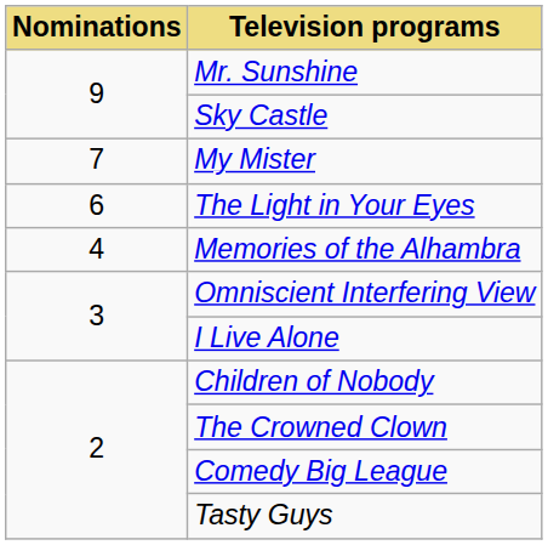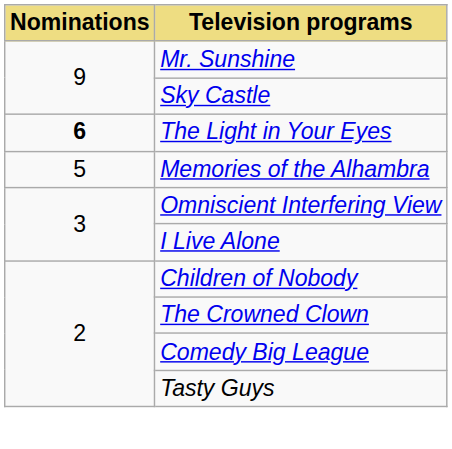 <table class="wikitable">
 <tr>
 <th style="background:#EEDD82; text-align:center">Nominations</th>
 <th style="background:#EEDD82; text-align:center">Television programs</th>
 </tr>
 <tr>
 <td rowspan="2" style="text-align:center">9</td>
 <td><em><a href='#'>Mr. Sunshine</a></em></td>
 </tr>
 <tr>
 <td><em><a href='#'>Sky Castle</a></em></td>
 </tr>
 <tr>
-<td style="text-align:center">7</td>
-<td><em><a href='#'>My Mister</a></em></td>
-</tr>
-<tr>
-<td style="text-align:center">6</td>
+<td style="text-align:center"><strong>6</strong></td>
 <td><em><a href='#'>The Light in Your Eyes</a></em></td>
 </tr>
 <tr>
-<td style="text-align:center">4</td>
+<td style="text-align:center">5</td>
 <td><em><a href='#'>Memories of the Alhambra</a></em></td>
 </tr>
 <tr>
 <td rowspan="2" style="text-align:center">3</td>
 <td><em><a href='#'>Omniscient Interfering View</a></em></td>
 </tr>
 <tr>
 <td><em><a href='#'>I Live Alone</a></em></td>
 </tr>
 <tr>
 <td rowspan="4" style="text-align:center">2</td>
 <td><em><a href='#'>Children of Nobody</a></em></td>
 </tr>
 <tr>
 <td><em><a href='#'>The Crowned Clown</a></em></td>
 </tr>
 <tr>
 <td><em><a href='#'>Comedy Big League</a></em></td>
 </tr>
 <tr>
 <td><em>Tasty Guys</em></td>
 </tr>
 </table>
